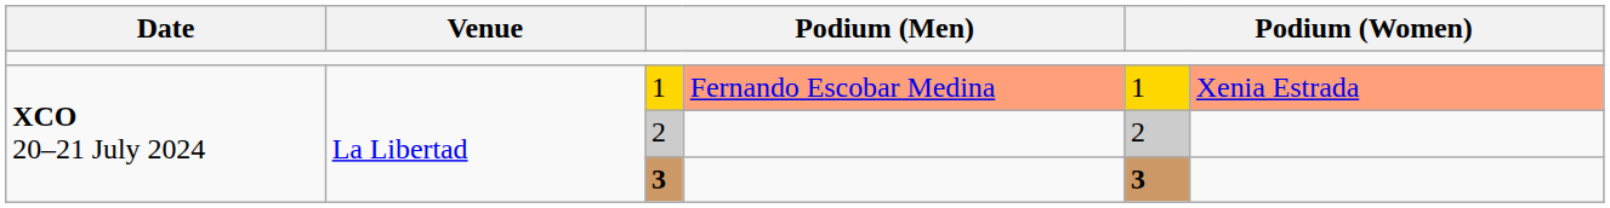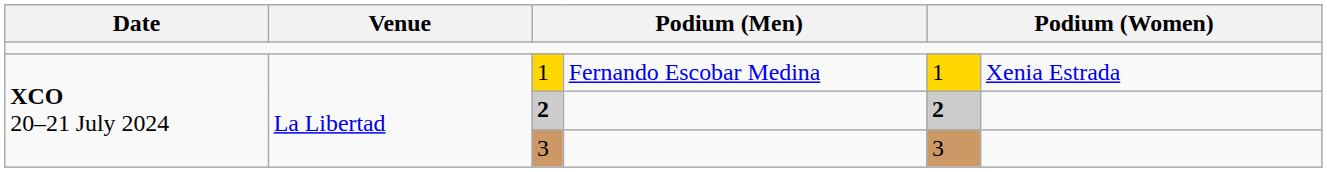 <table class="wikitable" width=70%>
 <tr>
 <th>Date</th>
 <th width=20%>Venue</th>
 <th colspan=2 width=30%>Podium (Men)</th>
 <th colspan=2 width=30%>Podium (Women)</th>
 </tr>
 <tr>
 <td colspan=6></td>
 </tr>
 <tr>
 <td rowspan=3><strong>XCO</strong> <br> 20–21 July 2024</td>
 <td rowspan=3><br><a href='#'>La Libertad</a></td>
 <td bgcolor=FFD700>1</td>
-<td style="background: lightsalmon;"><a href='#'>Fernando Escobar Medina</a></td>
+<td><a href='#'>Fernando Escobar Medina</a></td>
 <td bgcolor=FFD700>1</td>
-<td style="background: lightsalmon;"><a href='#'>Xenia Estrada</a></td>
+<td><a href='#'>Xenia Estrada</a></td>
 </tr>
 <tr>
-<td bgcolor=CCCCCC>2</td>
+<td bgcolor=CCCCCC><strong>2</strong></td>
 <td></td>
-<td bgcolor=CCCCCC>2</td>
+<td bgcolor=CCCCCC><strong>2</strong></td>
 <td></td>
 </tr>
 <tr>
-<td bgcolor=CC9966><strong>3</strong></td>
+<td bgcolor=CC9966>3</td>
 <td></td>
-<td bgcolor=CC9966><strong>3</strong></td>
+<td bgcolor=CC9966>3</td>
 <td></td>
 </tr>
 </table>
